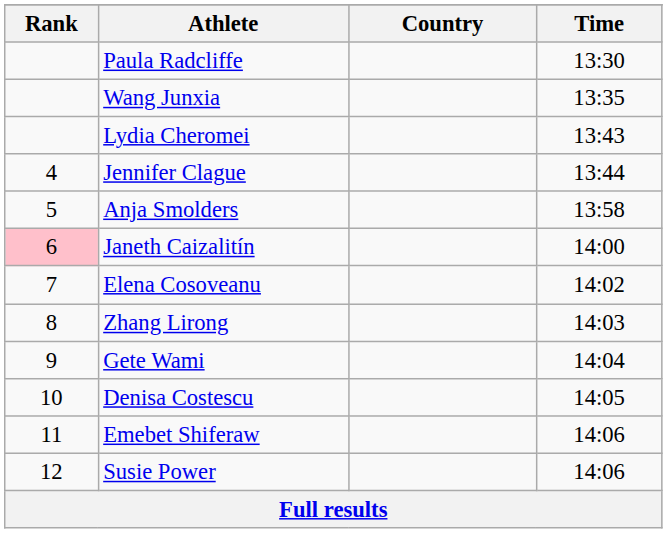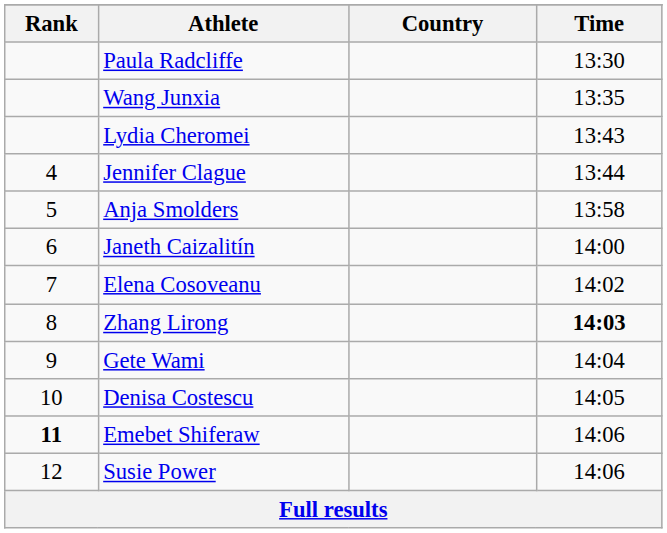 <table class="wikitable sortable" style=" text-align:center; font-size:95%;" width="50%">
 <tr>
 </tr>
 <tr>
 <th width=5%>Rank</th>
 <th width=20%>Athlete</th>
 <th width=15%>Country</th>
 <th width=10%>Time</th>
 </tr>
 <tr>
 <td align=center></td>
 <td align=left><a href='#'>Paula Radcliffe</a></td>
 <td align=left></td>
 <td>13:30</td>
 </tr>
 <tr>
 <td align=center></td>
 <td align=left><a href='#'>Wang Junxia</a></td>
 <td align=left></td>
 <td>13:35</td>
 </tr>
 <tr>
 <td align=center></td>
 <td align=left><a href='#'>Lydia Cheromei</a></td>
 <td align=left></td>
 <td>13:43</td>
 </tr>
 <tr>
 <td align=center>4</td>
 <td align=left><a href='#'>Jennifer Clague</a></td>
 <td align=left></td>
 <td>13:44</td>
 </tr>
 <tr>
 <td align=center>5</td>
 <td align=left><a href='#'>Anja Smolders</a></td>
 <td align=left></td>
 <td>13:58</td>
 </tr>
 <tr>
-<td align=center style="background: pink;">6</td>
+<td align=center>6</td>
 <td align=left><a href='#'>Janeth Caizalitín</a></td>
 <td align=left></td>
 <td>14:00</td>
 </tr>
 <tr>
 <td align=center>7</td>
 <td align=left><a href='#'>Elena Cosoveanu</a></td>
 <td align=left></td>
 <td>14:02</td>
 </tr>
 <tr>
 <td align=center>8</td>
 <td align=left><a href='#'>Zhang Lirong</a></td>
 <td align=left></td>
-<td>14:03</td>
+<td><strong>14:03</strong></td>
 </tr>
 <tr>
 <td align=center>9</td>
 <td align=left><a href='#'>Gete Wami</a></td>
 <td align=left></td>
 <td>14:04</td>
 </tr>
 <tr>
 <td align=center>10</td>
 <td align=left><a href='#'>Denisa Costescu</a></td>
 <td align=left></td>
 <td>14:05</td>
 </tr>
 <tr>
-<td align=center>11</td>
+<td align=center><strong>11</strong></td>
 <td align=left><a href='#'>Emebet Shiferaw</a></td>
 <td align=left></td>
 <td>14:06</td>
 </tr>
 <tr>
 <td align=center>12</td>
 <td align=left><a href='#'>Susie Power</a></td>
 <td align=left></td>
 <td>14:06</td>
 </tr>
 <tr class="sortbottom">
 <th colspan=4 align=center><a href='#'>Full results</a></th>
 </tr>
 </table>
